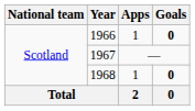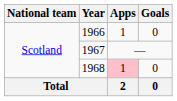 <table class="wikitable" style="text-align:center">
 <tr>
 <th>National team</th>
 <th>Year</th>
 <th>Apps</th>
 <th>Goals</th>
 </tr>
 <tr>
 <td rowspan="3"><a href='#'>Scotland</a></td>
 <td>1966</td>
 <td>1</td>
-<td><strong>0</strong></td>
+<td>0</td>
 </tr>
 <tr>
 <td>1967</td>
 <td colspan="2">—</td>
 </tr>
 <tr>
 <td>1968</td>
-<td>1</td>
-<td><strong>0</strong></td>
+<td style="background: pink;">1</td>
+<td>0</td>
 </tr>
 <tr>
 <th colspan="2">Total</th>
 <th>2</th>
 <th>0</th>
 </tr>
 </table>
